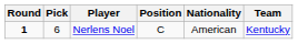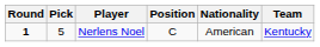 <table class="wikitable sortable sortable">
 <tr>
 <th style="background:#">Round</th>
 <th style="background:#">Pick</th>
 <th style="background:#">Player</th>
 <th style="background:#">Position</th>
 <th style="background:#">Nationality</th>
 <th style="background:#">Team</th>
 </tr>
 <tr style="text-align: center">
 <td><strong>1</strong></td>
-<td>6</td>
+<td>5</td>
 <td><a href='#'>Nerlens Noel</a></td>
 <td>C</td>
 <td> American</td>
 <td><a href='#'>Kentucky</a></td>
 </tr>
 </table>
